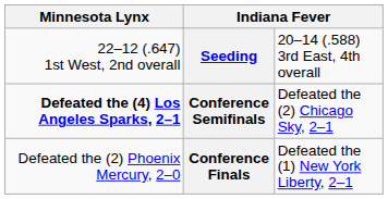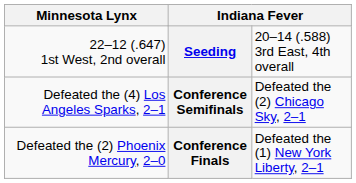 <table class="wikitable" style="width: 60%; font-size:90%;">
 <tr valign=top>
 <th colspan=2 width=45%>Minnesota Lynx</th>
 <th colspan=2 width=45%>Indiana Fever</th>
 </tr>
 <tr>
 <td align=right>22–12 (.647)<br> 1st West, 2nd overall</td>
 <th colspan=2><a href='#'>Seeding</a></th>
 <td align=left>20–14 (.588)<br> 3rd East, 4th overall</td>
 </tr>
 <tr>
-<td align=right><strong>Defeated the (4) <a href='#'>Los Angeles Sparks</a>, <a href='#'>2–1</a></strong></td>
+<td align=right>Defeated the (4) <a href='#'>Los Angeles Sparks</a>, <a href='#'>2–1</a></td>
 <th colspan=2>Conference Semifinals</th>
 <td align=left>Defeated the (2) <a href='#'>Chicago Sky</a>, <a href='#'>2–1</a></td>
 </tr>
 <tr>
 <td align=right>Defeated the (2) <a href='#'>Phoenix Mercury</a>, <a href='#'>2–0</a></td>
 <th colspan=2>Conference Finals</th>
 <td align=left>Defeated the (1) <a href='#'>New York Liberty</a>, <a href='#'>2–1</a></td>
 </tr>
 </table>
